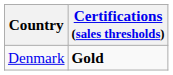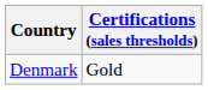 <table class="wikitable">
 <tr>
 <th>Country</th>
 <th><a href='#'>Certifications</a><br><small>(<a href='#'>sales thresholds</a>)</small></th>
 </tr>
 <tr>
 <td><a href='#'>Denmark</a></td>
-<td><strong>Gold</strong></td>
+<td>Gold</td>
 </tr>
 </table>
